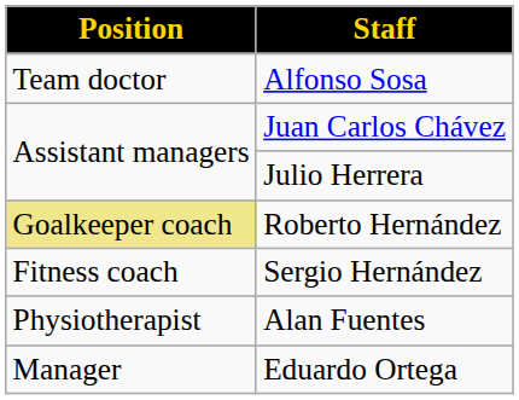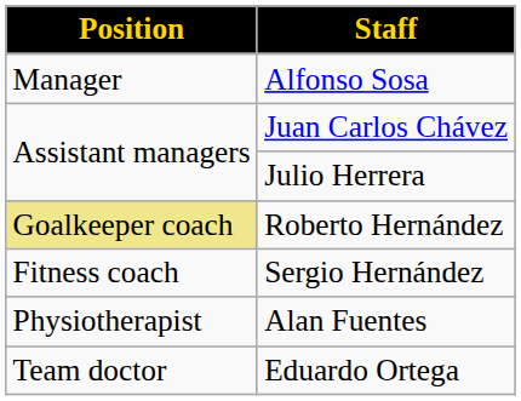 <table class="wikitable">
 <tr>
 <th style=background-color:black;color:#FFD700>Position</th>
 <th style=background-color:black;color:#FFD700>Staff</th>
 </tr>
 <tr>
 </tr>
 <tr>
-<td>Team doctor</td>
+<td>Manager</td>
 <td> <a href='#'>Alfonso Sosa</a></td>
 </tr>
 <tr>
 <td rowspan="2">Assistant managers</td>
 <td> <a href='#'>Juan Carlos Chávez</a></td>
 </tr>
 <tr>
 <td>  Julio Herrera</td>
 </tr>
 <tr>
 <td style="background: khaki;">Goalkeeper coach</td>
 <td>  Roberto Hernández</td>
 </tr>
 <tr>
 <td>Fitness coach</td>
 <td> Sergio Hernández</td>
 </tr>
 <tr>
 <td>Physiotherapist</td>
 <td> Alan Fuentes</td>
 </tr>
 <tr>
-<td>Manager</td>
+<td>Team doctor</td>
 <td>  Eduardo Ortega</td>
 </tr>
 </table>
